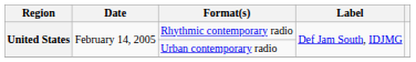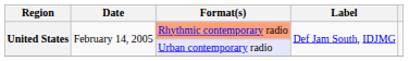 <table class="wikitable plainrowheaders">
 <tr>
 <th scope="col">Region</th>
 <th scope="col">Date</th>
 <th scope="col">Format(s)</th>
 <th scope="col">Label</th>
 <th scope="col"></th>
 </tr>
 <tr>
 <th scope="row" rowspan="2">United States</th>
 <td rowspan="2">February 14, 2005</td>
-<td><a href='#'>Rhythmic contemporary</a> radio</td>
+<td style="background: lightsalmon;"><a href='#'>Rhythmic contemporary</a> radio</td>
 <td rowspan="2"><a href='#'>Def Jam South</a>, <a href='#'>IDJMG</a></td>
 <td rowspan="2"></td>
 </tr>
 <tr>
-<td><a href='#'>Urban contemporary</a> radio</td>
+<td style="background: lavender;"><a href='#'>Urban contemporary</a> radio</td>
 </tr>
 <tr>
 </tr>
 </table>
